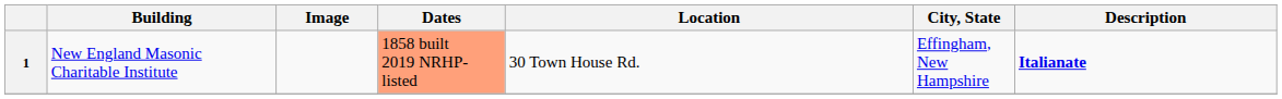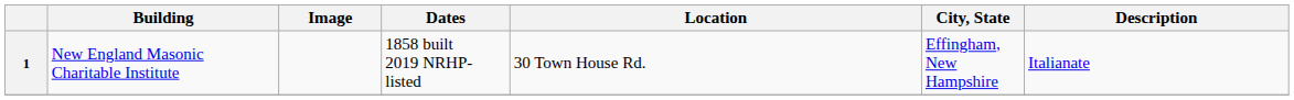 <table class="wikitable sortable" style="width:98%">
 <tr>
 <th></th>
 <th width = 18%><strong>Building</strong></th>
 <th width = 8% class="unsortable"><strong>Image</strong></th>
 <th width = 10%><strong>Dates</strong></th>
 <th><strong>Location</strong></th>
 <th width = 8%><strong>City, State</strong></th>
 <th class="unsortable"><strong>Description</strong></th>
 </tr>
 <tr ->
 <th><small>1</small></th>
 <td><a href='#'>New England Masonic Charitable Institute</a></td>
 <td></td>
-<td style="background: lightsalmon;">1858 built<br>2019 NRHP-listed</td>
+<td>1858 built<br>2019 NRHP-listed</td>
 <td>30 Town House Rd.<br><small></small></td>
 <td><a href='#'>Effingham, New Hampshire</a></td>
-<td><strong><a href='#'>Italianate</a></strong></td>
+<td><a href='#'>Italianate</a></td>
 </tr>
 <tr ->
 </tr>
 </table>
